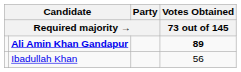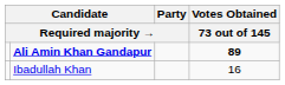 <table class="wikitable">
 <tr>
 <th colspan="2">Candidate</th>
 <th>Party</th>
 <th>Votes Obtained</th>
 </tr>
 <tr>
 <th colspan="3">Required majority →</th>
 <th>73 out of 145</th>
 </tr>
 <tr>
 <td></td>
 <td><a href='#'><strong>Ali Amin Khan Gandapur</strong></a></td>
 <td><strong></strong></td>
 <td style="text-align:center;"><strong>89</strong> </td>
 </tr>
 <tr>
 <td></td>
 <td><a href='#'>Ibadullah Khan</a></td>
 <td></td>
-<td style="text-align:center;">56 </td>
+<td style="text-align:center;">16 </td>
 </tr>
 </table>
